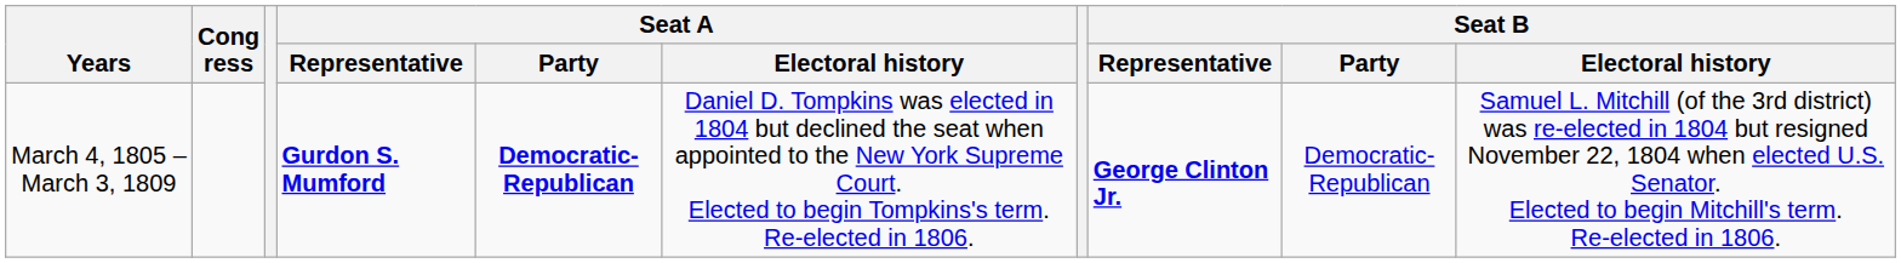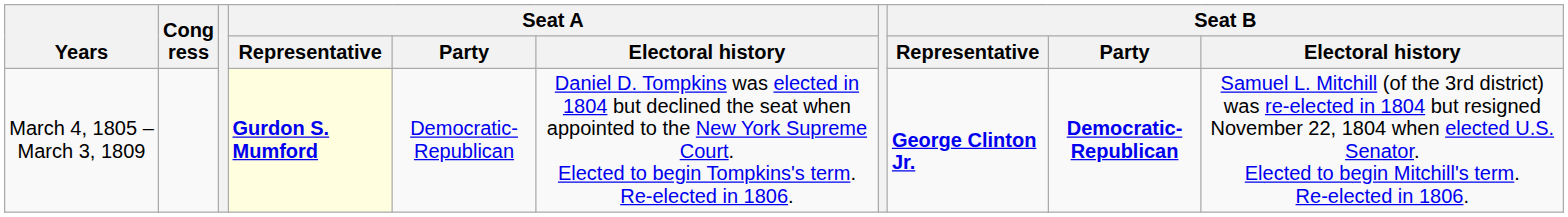 <table class=wikitable style="text-align:center">
 <tr valign=bottom>
 <th rowspan=2>Years</th>
 <th rowspan=2>Cong<br>ress</th>
 <th rowspan=99></th>
 <th colspan=3>Seat A</th>
 <th rowspan=99></th>
 <th colspan=3>Seat B</th>
 </tr>
 <tr>
 <th>Representative</th>
 <th>Party</th>
 <th>Electoral history</th>
 <th>Representative</th>
 <th>Party</th>
 <th>Electoral history</th>
 </tr>
 <tr style="height:3em">
 <td nowrap>March 4, 1805 –<br>March 3, 1809</td>
 <td></td>
-<td align=left><strong><a href='#'>Gurdon S. Mumford</a></strong><br></td>
-<td><strong><a href='#'>Democratic-Republican</a></strong></td>
+<td align=left style="background: lightyellow;"><strong><a href='#'>Gurdon S. Mumford</a></strong><br></td>
+<td><a href='#'>Democratic-Republican</a></td>
 <td><a href='#'>Daniel D. Tompkins</a> was <a href='#'>elected in 1804</a> but declined the seat when appointed to the <a href='#'>New York Supreme Court</a>.<br><a href='#'>Elected to begin Tompkins's term</a>.<br><a href='#'>Re-elected in 1806</a>.</td>
 <td align=left><br><strong><a href='#'>George Clinton Jr.</a></strong><br></td>
-<td><a href='#'>Democratic-Republican</a></td>
+<td><strong><a href='#'>Democratic-Republican</a></strong></td>
 <td><a href='#'>Samuel L. Mitchill</a> (of the 3rd district) was <a href='#'>re-elected in 1804</a> but resigned November 22, 1804 when <a href='#'>elected U.S. Senator</a>.<br><a href='#'>Elected to begin Mitchill's term</a>.<br><a href='#'>Re-elected in 1806</a>.</td>
 </tr>
 </table>
